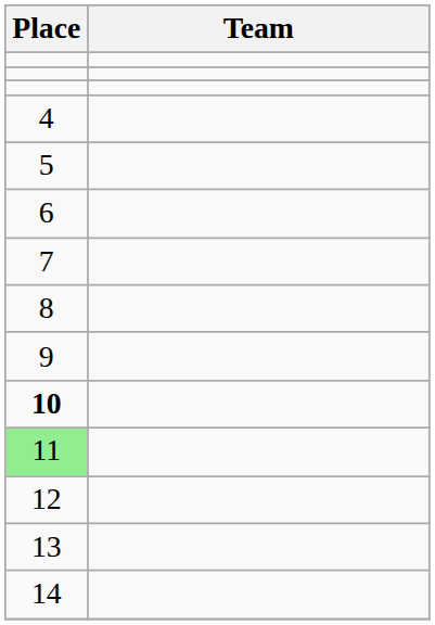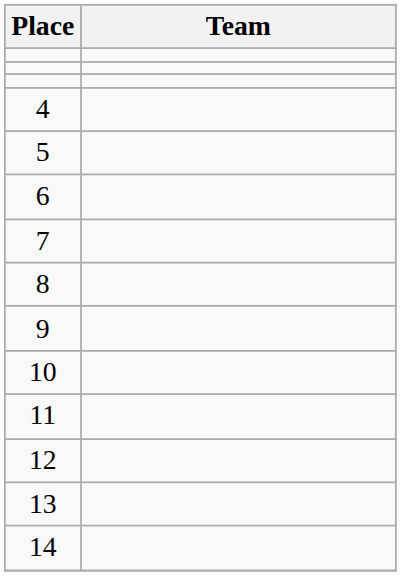 <table class="wikitable" style="text-align:center;">
 <tr>
 <th width=30>Place</th>
 <th width=175>Team</th>
 </tr>
 <tr>
 <td></td>
 <td align="left"></td>
 </tr>
 <tr>
 <td></td>
 <td align="left"></td>
 </tr>
 <tr>
 <td></td>
 <td align="left"></td>
 </tr>
 <tr>
 <td>4</td>
 <td align="left"></td>
 </tr>
 <tr>
 <td>5</td>
 <td align="left"></td>
 </tr>
 <tr>
 <td>6</td>
 <td align="left"></td>
 </tr>
 <tr>
 <td>7</td>
 <td align="left"></td>
 </tr>
 <tr>
 <td>8</td>
 <td align="left"></td>
 </tr>
 <tr>
 <td>9</td>
 <td align="left"></td>
 </tr>
 <tr>
-<td><strong>10</strong></td>
+<td>10</td>
 <td align="left"></td>
 </tr>
 <tr>
-<td style="background: lightgreen;">11</td>
+<td>11</td>
 <td align="left"></td>
 </tr>
 <tr>
 <td>12</td>
 <td align="left"></td>
 </tr>
 <tr>
 <td>13</td>
 <td align="left"></td>
 </tr>
 <tr>
 <td>14</td>
 <td align="left"></td>
 </tr>
 <tr>
 </tr>
 </table>
